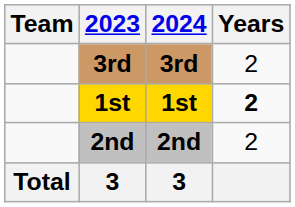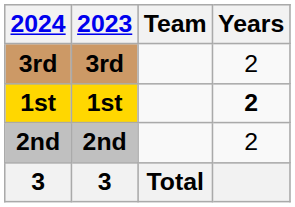 <table class="wikitable " style="text-align:center">
 <tr>
+<th><a href='#'>2024</a></th>
+<th><a href='#'>2023</a></th>
 <th>Team</th>
-<th><a href='#'>2023</a></th>
-<th><a href='#'>2024</a></th>
 <th>Years</th>
 </tr>
 <tr>
-<td align=left></td>
 <td bgcolor=cc9966><strong>3rd</strong></td>
 <td bgcolor=cc9966><strong>3rd</strong></td>
+<td align=left></td>
 <td>2</td>
 </tr>
 <tr>
-<td align=left></td>
 <td bgcolor=gold><strong>1st</strong></td>
 <td bgcolor=gold><strong>1st</strong></td>
+<td align=left></td>
 <td><strong>2</strong></td>
 </tr>
 <tr>
-<td align=left></td>
 <td bgcolor=silver><strong>2nd</strong></td>
 <td bgcolor=silver><strong>2nd</strong></td>
+<td align=left></td>
 <td>2</td>
 </tr>
 <tr>
-<th>Total</th>
 <th>3</th>
 <th>3</th>
+<th>Total</th>
 <th></th>
 </tr>
 </table>
